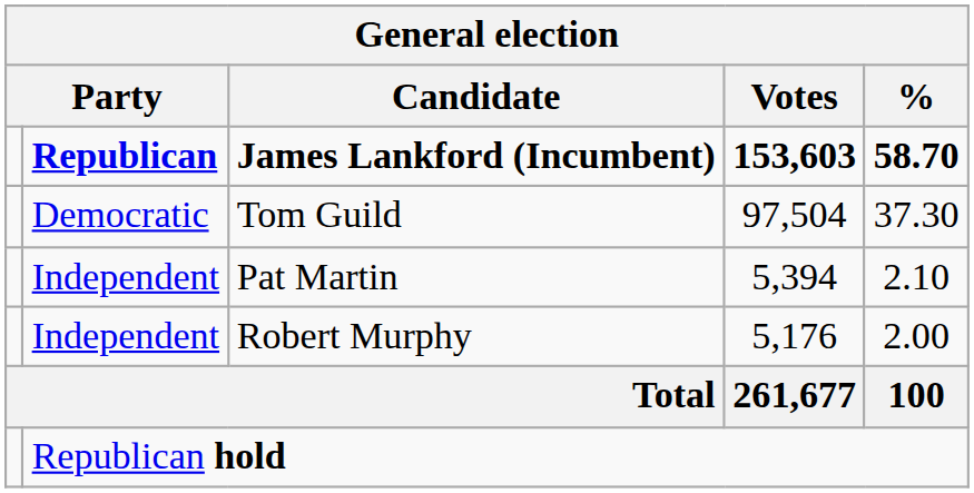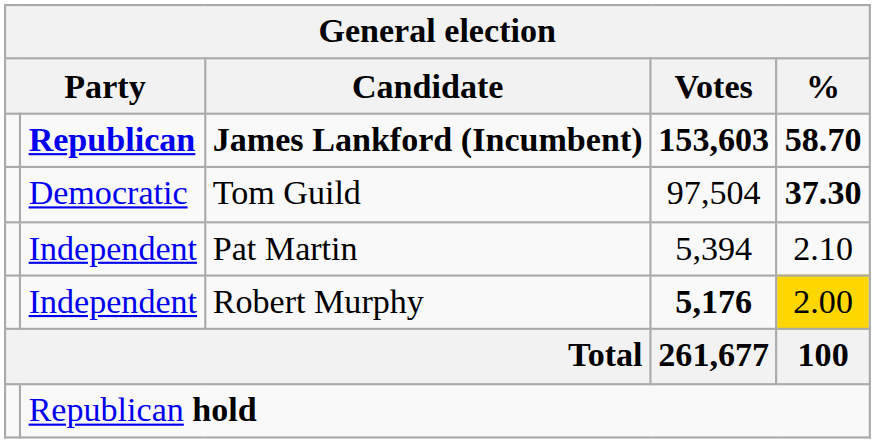 <table class=wikitable>
 <tr>
 <th colspan = 6>General election</th>
 </tr>
 <tr>
 <th colspan=2>Party</th>
 <th>Candidate</th>
 <th>Votes</th>
 <th>%</th>
 </tr>
 <tr>
 <td></td>
 <td><strong><a href='#'>Republican</a></strong></td>
 <td><strong>James Lankford (Incumbent)</strong></td>
 <td align=center><strong>153,603</strong></td>
 <td align=center><strong>58.70</strong></td>
 </tr>
 <tr>
 <td></td>
 <td><a href='#'>Democratic</a></td>
 <td>Tom Guild</td>
 <td align=center>97,504</td>
-<td align=center>37.30</td>
+<td align=center><strong>37.30</strong></td>
 </tr>
 <tr>
 <td></td>
 <td><a href='#'>Independent</a></td>
 <td>Pat Martin</td>
 <td align=center>5,394</td>
 <td align=center>2.10</td>
 </tr>
 <tr>
 <td></td>
 <td><a href='#'>Independent</a></td>
 <td>Robert Murphy</td>
-<td align=center>5,176</td>
-<td align=center>2.00</td>
+<td align=center><strong>5,176</strong></td>
+<td align=center style="background: gold;">2.00</td>
 </tr>
 <tr>
 <th colspan=3; style="text-align:right;">Total</th>
 <th align=center>261,677</th>
 <th align=center>100</th>
 </tr>
 <tr>
 <td></td>
 <td colspan=6; style="text-align:left;"><a href='#'>Republican</a> <strong>hold</strong></td>
 </tr>
 </table>
